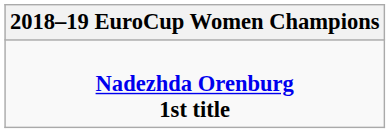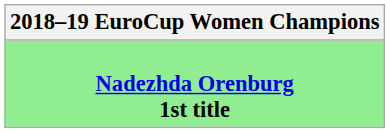 <table class=wikitable style="text-align:center; margin:auto">
 <tr>
 <th>2018–19 EuroCup Women Champions</th>
 </tr>
 <tr>
-<td><br><strong><a href='#'>Nadezhda Orenburg</a></strong><br><strong>1st title</strong></td>
+<td style="background: lightgreen;"><br><strong><a href='#'>Nadezhda Orenburg</a></strong><br><strong>1st title</strong></td>
 </tr>
 </table>
